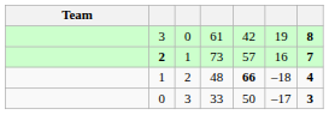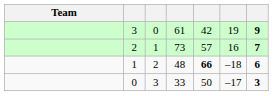 <table class="wikitable" style="text-align:center;">
 <tr>
 <th style="width:10.5em;">Team</th>
 <th style="width:1.5em;"></th>
 <th style="width:1.5em;"></th>
 <th style="width:2.0em;"></th>
 <th style="width:2.0em;"></th>
 <th style="width:2.0em;"></th>
 <th style="width:1.5em;"></th>
 </tr>
 <tr bgcolor=#cfc>
 <td align="left"></td>
 <td>3</td>
 <td>0</td>
 <td>61</td>
 <td>42</td>
 <td>19</td>
-<td><strong>8</strong></td>
+<td><strong>9</strong></td>
 </tr>
 <tr bgcolor=#cfc>
 <td align="left"></td>
-<td><strong>2</strong></td>
+<td>2</td>
 <td>1</td>
 <td>73</td>
 <td>57</td>
 <td>16</td>
 <td><strong>7</strong></td>
 </tr>
 <tr>
 <td align="left"></td>
 <td>1</td>
 <td>2</td>
 <td>48</td>
 <td><strong>66</strong></td>
 <td>–18</td>
-<td><strong>4</strong></td>
+<td><strong>6</strong></td>
 </tr>
 <tr>
 <td align="left"></td>
 <td>0</td>
 <td>3</td>
 <td>33</td>
 <td>50</td>
 <td>–17</td>
 <td><strong>3</strong></td>
 </tr>
 </table>
